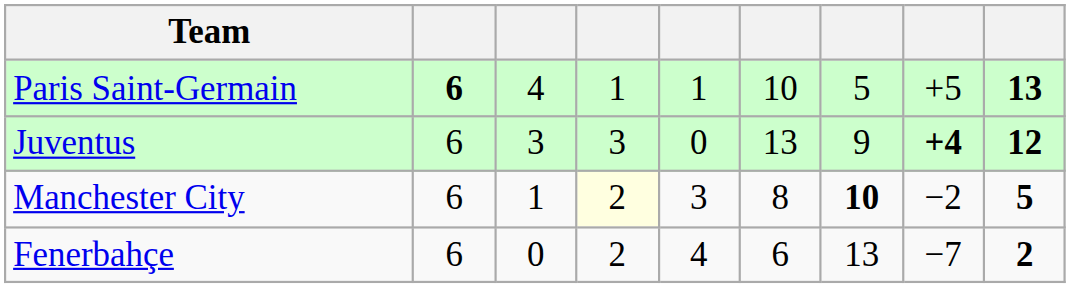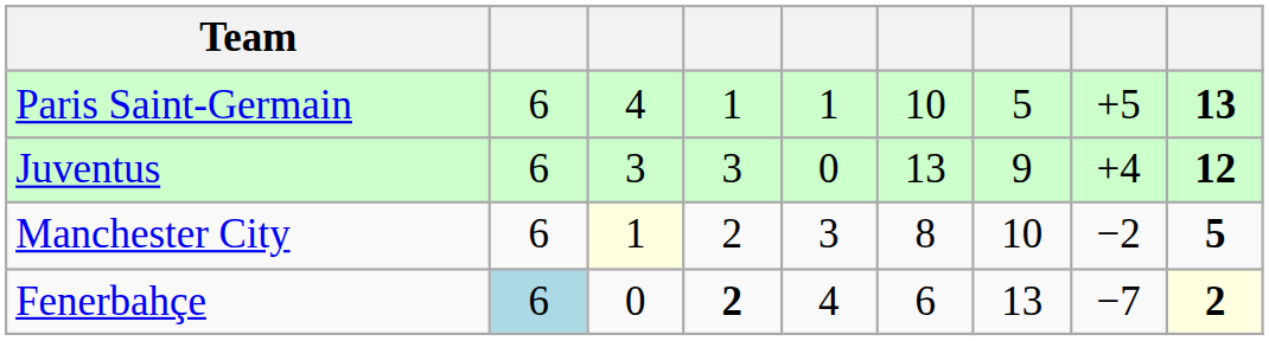 <table class="wikitable" style="text-align:center">
 <tr>
 <th width="180">Team</th>
 <th width="30"></th>
 <th width="30"></th>
 <th width="30"></th>
 <th width="30"></th>
 <th width="30"></th>
 <th width="30"></th>
 <th width="30"></th>
 <th width="30"></th>
 </tr>
 <tr style="background:#cfc;">
 <td align=left> <a href='#'>Paris Saint-Germain</a></td>
-<td><strong>6</strong></td>
+<td>6</td>
 <td>4</td>
 <td>1</td>
 <td>1</td>
 <td>10</td>
 <td>5</td>
 <td>+5</td>
 <td><strong>13</strong></td>
 </tr>
 <tr style="background:#cfc;">
 <td align=left> <a href='#'>Juventus</a></td>
 <td>6</td>
 <td>3</td>
 <td>3</td>
 <td>0</td>
 <td>13</td>
 <td>9</td>
-<td><strong>+4</strong></td>
+<td>+4</td>
 <td><strong>12</strong></td>
 </tr>
 <tr>
 <td align=left> <a href='#'>Manchester City</a></td>
 <td>6</td>
-<td>1</td>
-<td style="background: lightyellow;">2</td>
+<td style="background: lightyellow;">1</td>
+<td>2</td>
 <td>3</td>
 <td>8</td>
-<td><strong>10</strong></td>
+<td>10</td>
 <td>−2</td>
 <td><strong>5</strong></td>
 </tr>
 <tr>
 <td align=left> <a href='#'>Fenerbahçe</a></td>
-<td>6</td>
+<td style="background: lightblue;">6</td>
 <td>0</td>
-<td>2</td>
+<td><strong>2</strong></td>
 <td>4</td>
 <td>6</td>
 <td>13</td>
 <td>−7</td>
-<td><strong>2</strong></td>
+<td style="background: lightyellow;"><strong>2</strong></td>
 </tr>
 </table>
